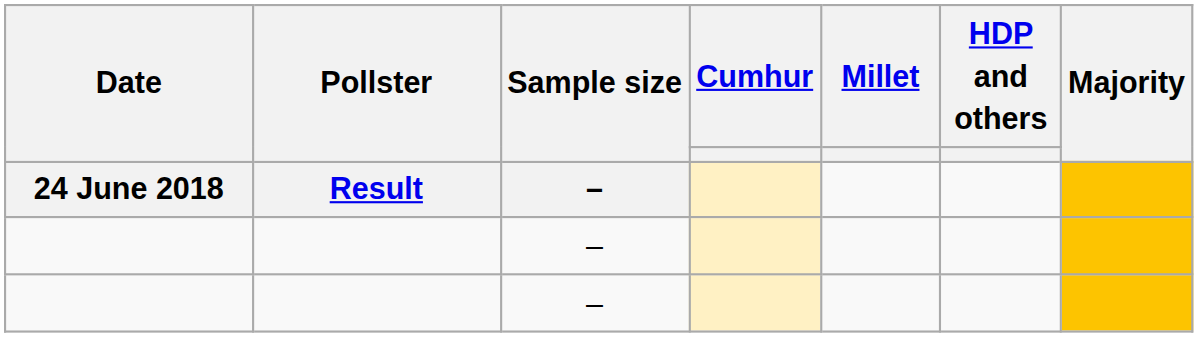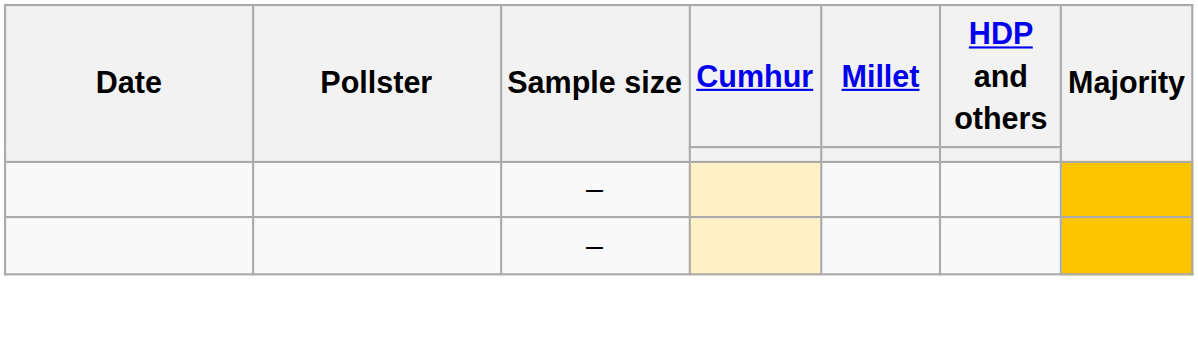 <table class="wikitable" style="text-align:center; font-size:90%; line-height:20px;">
 <tr>
 <th rowspan=2 width="110px">Date</th>
 <th rowspan=2 width="110px">Pollster</th>
 <th rowspan=2 width="60px">Sample size</th>
 <th width=50><a href='#'>Cumhur</a></th>
 <th width=50><a href='#'>Millet</a></th>
 <th width=50><a href='#'>HDP</a> and others</th>
 <th width=50 rowspan=2>Majority</th>
 </tr>
 <tr>
 <th style="background: "></th>
 <th style="background: "></th>
 <th style="background: "></th>
-</tr>
-<tr>
-<th>24 June 2018</th>
-<th><a href='#'>Result</a></th>
-<th>–</th>
-<td style="background: #FFF1C4"></td>
-<td></td>
-<td></td>
-<td style="background: #Fdc400"></td>
 </tr>
 <tr>
 <td></td>
 <td></td>
 <td>–</td>
 <td style="background: #FFF1C4"></td>
 <td></td>
 <td></td>
 <td style="background: #Fdc400"><small></small></td>
 </tr>
 <tr>
 <td></td>
 <td></td>
 <td>–</td>
 <td style="background: #FFF1C4"></td>
 <td></td>
 <td></td>
 <td style="background: #Fdc400"><small></small></td>
 </tr>
 </table>
